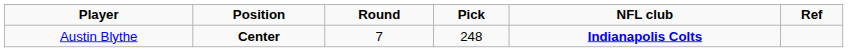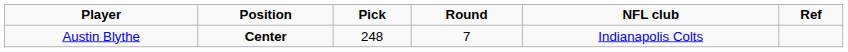 <table class="wikitable" width="80%">
 <tr align="center">
 <td><strong>Player</strong></td>
 <td><strong>Position</strong></td>
+<td><strong>Pick</strong></td>
 <td><strong>Round</strong></td>
-<td><strong>Pick</strong></td>
 <td><strong>NFL club</strong></td>
 <td><strong>Ref</strong></td>
 </tr>
 <tr align="center" bgcolor="">
 <td><a href='#'>Austin Blythe</a></td>
 <td><strong>Center</strong></td>
+<td>248</td>
 <td>7</td>
-<td>248</td>
-<td><strong><a href='#'>Indianapolis Colts</a></strong></td>
+<td><a href='#'>Indianapolis Colts</a></td>
 <td></td>
 </tr>
 </table>
